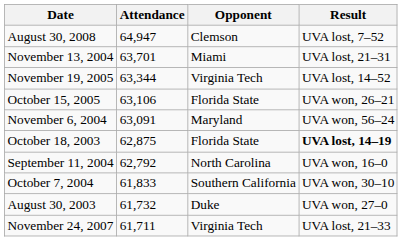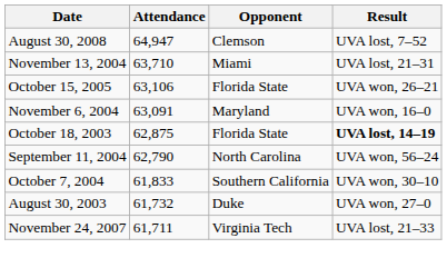 <table class="wikitable">
 <tr>
 <th>Date</th>
 <th>Attendance</th>
 <th>Opponent</th>
 <th>Result</th>
 </tr>
 <tr>
 <td>August 30, 2008</td>
 <td>64,947</td>
 <td>Clemson</td>
 <td>UVA lost, 7–52</td>
 </tr>
 <tr>
 <td>November 13, 2004</td>
-<td>63,701</td>
+<td>63,710</td>
 <td>Miami</td>
 <td>UVA lost, 21–31</td>
-</tr>
-<tr>
-<td>November 19, 2005</td>
-<td>63,344</td>
-<td>Virginia Tech</td>
-<td>UVA lost, 14–52</td>
 </tr>
 <tr>
 <td>October 15, 2005</td>
 <td>63,106</td>
 <td>Florida State</td>
 <td>UVA won, 26–21</td>
 </tr>
 <tr>
 <td>November 6, 2004</td>
 <td>63,091</td>
 <td>Maryland</td>
-<td>UVA won, 56–24</td>
+<td>UVA won, 16–0</td>
 </tr>
 <tr>
 <td>October 18, 2003</td>
 <td>62,875</td>
 <td>Florida State</td>
 <td><strong>UVA lost, 14–19</strong></td>
 </tr>
 <tr>
 <td>September 11, 2004</td>
-<td>62,792</td>
+<td>62,790</td>
 <td>North Carolina</td>
-<td>UVA won, 16–0</td>
+<td>UVA won, 56–24</td>
 </tr>
 <tr>
 <td>October 7, 2004</td>
 <td>61,833</td>
 <td>Southern California</td>
 <td>UVA won, 30–10</td>
 </tr>
 <tr>
 <td>August 30, 2003</td>
 <td>61,732</td>
 <td>Duke</td>
 <td>UVA won, 27–0</td>
 </tr>
 <tr>
 <td>November 24, 2007</td>
 <td>61,711</td>
 <td>Virginia Tech</td>
 <td>UVA lost, 21–33</td>
 </tr>
 </table>
